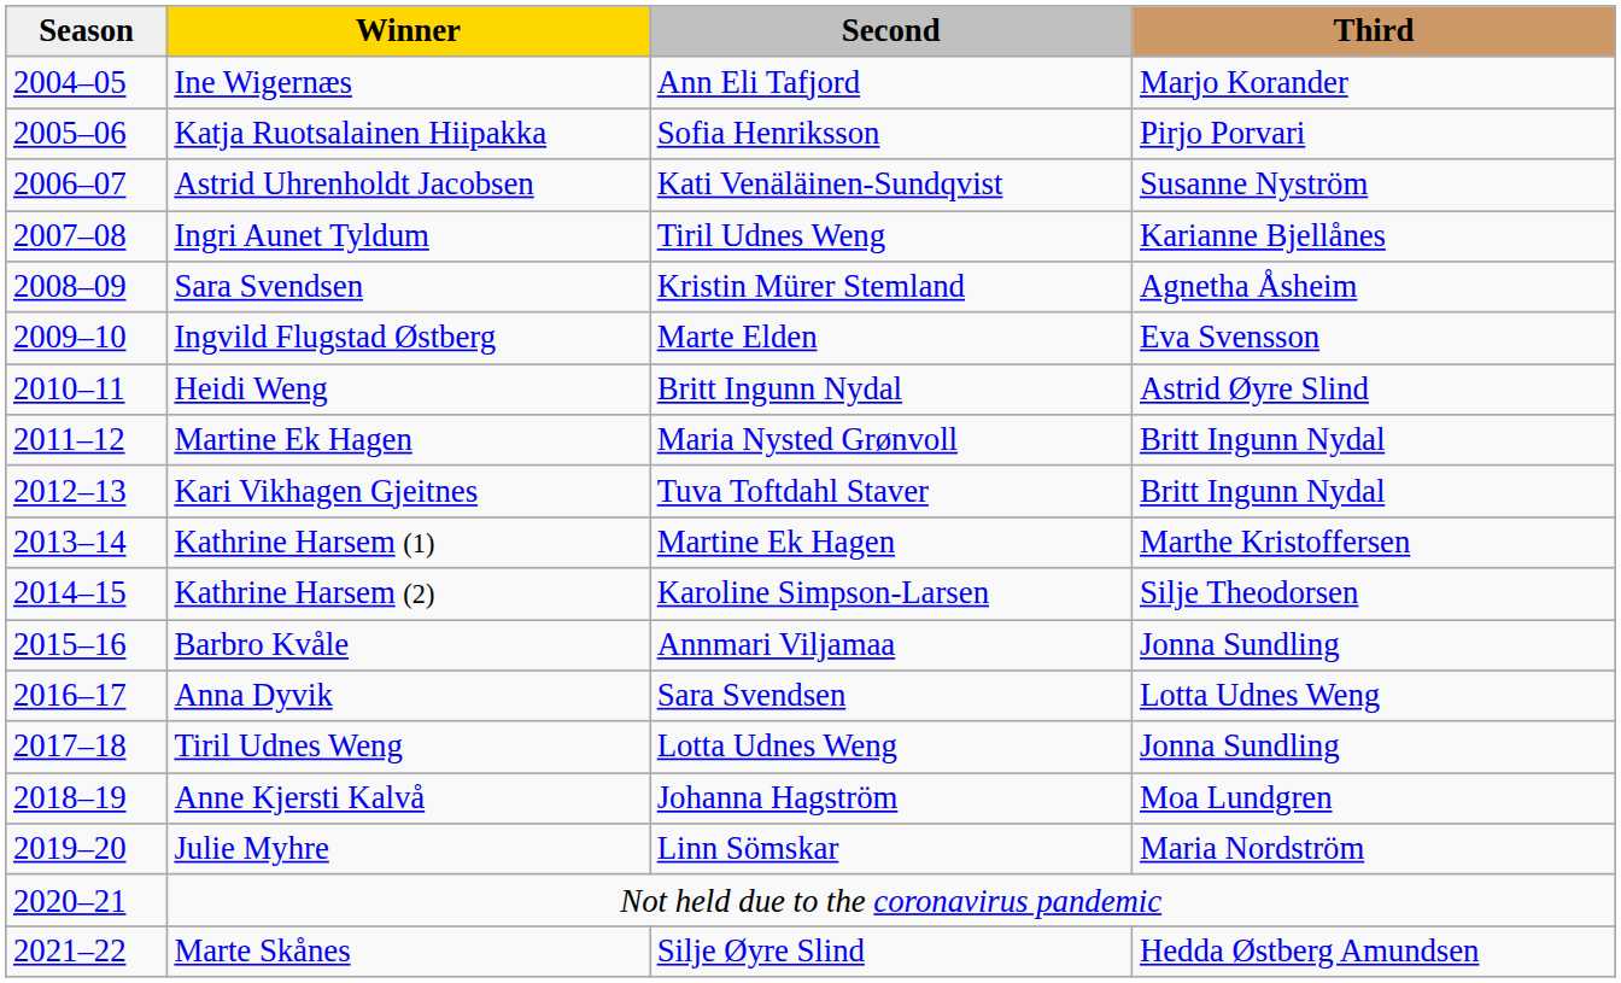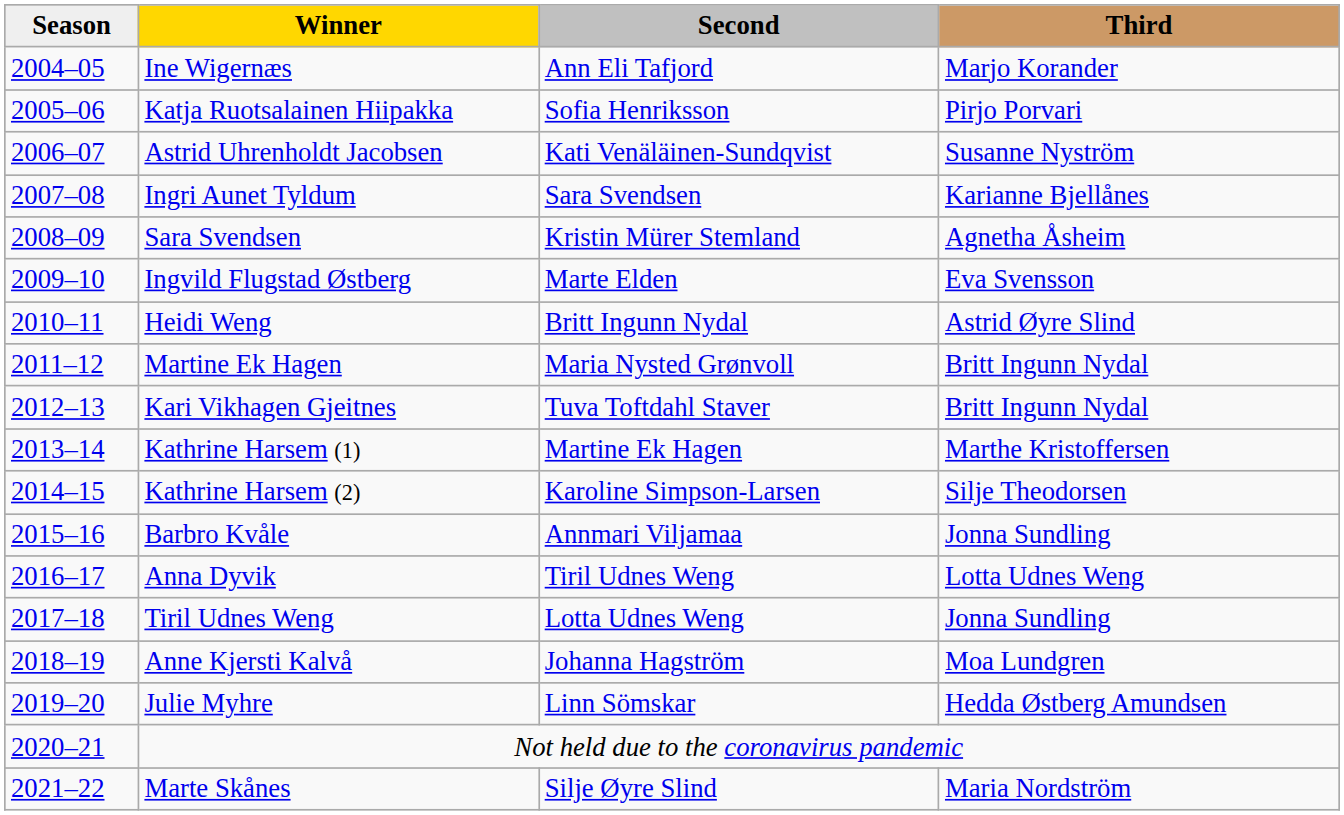 <table class="wikitable sortable" width="800">
 <tr>
 <th style="width:10%; background:#efefef;">Season</th>
 <th style="width:30%; background:gold">Winner</th>
 <th style="width:30%; background:silver">Second</th>
 <th style="width:30%; background:#CC9966">Third</th>
 </tr>
 <tr>
 <td><a href='#'>2004–05</a></td>
 <td> <a href='#'>Ine Wigernæs</a></td>
 <td> <a href='#'>Ann Eli Tafjord</a></td>
 <td> <a href='#'>Marjo Korander</a></td>
 </tr>
 <tr>
 <td><a href='#'>2005–06</a></td>
 <td> <a href='#'>Katja Ruotsalainen Hiipakka</a></td>
 <td> <a href='#'>Sofia Henriksson</a></td>
 <td> <a href='#'>Pirjo Porvari</a></td>
 </tr>
 <tr>
 <td><a href='#'>2006–07</a></td>
 <td> <a href='#'>Astrid Uhrenholdt Jacobsen</a></td>
 <td> <a href='#'>Kati Venäläinen-Sundqvist</a></td>
 <td> <a href='#'>Susanne Nyström</a></td>
 </tr>
 <tr>
 <td><a href='#'>2007–08</a></td>
 <td> <a href='#'>Ingri Aunet Tyldum</a></td>
-<td> <a href='#'>Tiril Udnes Weng</a></td>
+<td> <a href='#'>Sara Svendsen</a></td>
 <td> <a href='#'>Karianne Bjellånes</a></td>
 </tr>
 <tr>
 <td><a href='#'>2008–09</a></td>
 <td> <a href='#'>Sara Svendsen</a></td>
 <td> <a href='#'>Kristin Mürer Stemland</a></td>
 <td> <a href='#'>Agnetha Åsheim</a></td>
 </tr>
 <tr>
 <td><a href='#'>2009–10</a></td>
 <td> <a href='#'>Ingvild Flugstad Østberg</a></td>
 <td> <a href='#'>Marte Elden</a></td>
 <td> <a href='#'>Eva Svensson</a></td>
 </tr>
 <tr>
 <td><a href='#'>2010–11</a></td>
 <td> <a href='#'>Heidi Weng</a></td>
 <td> <a href='#'>Britt Ingunn Nydal</a></td>
 <td> <a href='#'>Astrid Øyre Slind</a></td>
 </tr>
 <tr>
 <td><a href='#'>2011–12</a></td>
 <td> <a href='#'>Martine Ek Hagen</a></td>
 <td> <a href='#'>Maria Nysted Grønvoll</a></td>
 <td> <a href='#'>Britt Ingunn Nydal</a></td>
 </tr>
 <tr>
 <td><a href='#'>2012–13</a></td>
 <td> <a href='#'>Kari Vikhagen Gjeitnes</a></td>
 <td> <a href='#'>Tuva Toftdahl Staver</a></td>
 <td> <a href='#'>Britt Ingunn Nydal</a></td>
 </tr>
 <tr>
 <td><a href='#'>2013–14</a></td>
 <td> <a href='#'>Kathrine Harsem</a> <small>(1)</small></td>
 <td> <a href='#'>Martine Ek Hagen</a></td>
 <td> <a href='#'>Marthe Kristoffersen</a></td>
 </tr>
 <tr>
 <td><a href='#'>2014–15</a></td>
 <td> <a href='#'>Kathrine Harsem</a> <small>(2)</small></td>
 <td> <a href='#'>Karoline Simpson-Larsen</a></td>
 <td> <a href='#'>Silje Theodorsen</a></td>
 </tr>
 <tr>
 <td><a href='#'>2015–16</a></td>
 <td> <a href='#'>Barbro Kvåle</a></td>
 <td> <a href='#'>Annmari Viljamaa</a></td>
 <td> <a href='#'>Jonna Sundling</a></td>
 </tr>
 <tr>
 <td><a href='#'>2016–17</a></td>
 <td> <a href='#'>Anna Dyvik</a></td>
-<td> <a href='#'>Sara Svendsen</a></td>
+<td> <a href='#'>Tiril Udnes Weng</a></td>
 <td> <a href='#'>Lotta Udnes Weng</a></td>
 </tr>
 <tr>
 <td><a href='#'>2017–18</a></td>
 <td> <a href='#'>Tiril Udnes Weng</a></td>
 <td> <a href='#'>Lotta Udnes Weng</a></td>
 <td> <a href='#'>Jonna Sundling</a></td>
 </tr>
 <tr>
 <td><a href='#'>2018–19</a></td>
 <td> <a href='#'>Anne Kjersti Kalvå</a></td>
 <td> <a href='#'>Johanna Hagström</a></td>
 <td> <a href='#'>Moa Lundgren</a></td>
 </tr>
 <tr>
 <td><a href='#'>2019–20</a></td>
 <td> <a href='#'>Julie Myhre</a></td>
 <td> <a href='#'>Linn Sömskar</a></td>
-<td> <a href='#'>Maria Nordström</a></td>
+<td> <a href='#'>Hedda Østberg Amundsen</a></td>
 </tr>
 <tr>
 <td><a href='#'>2020–21</a></td>
 <td colspan="3" style="text-align:center;"><em>Not held due to the <a href='#'>coronavirus pandemic</a></em></td>
 </tr>
 <tr>
 <td><a href='#'>2021–22</a></td>
 <td> <a href='#'>Marte Skånes</a></td>
 <td> <a href='#'>Silje Øyre Slind</a></td>
-<td> <a href='#'>Hedda Østberg Amundsen</a></td>
+<td> <a href='#'>Maria Nordström</a></td>
 </tr>
 </table>
